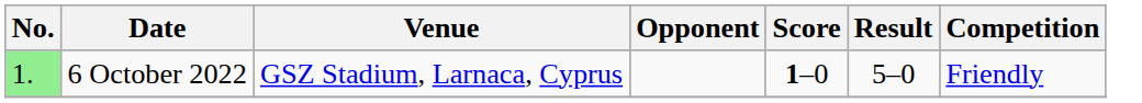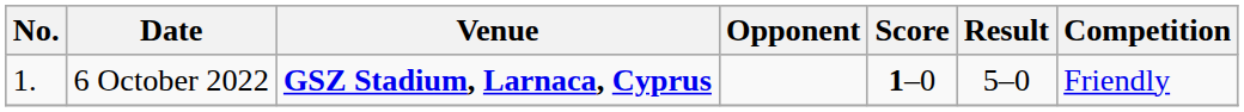 <table class="wikitable">
 <tr>
 <th>No.</th>
 <th>Date</th>
 <th>Venue</th>
 <th>Opponent</th>
 <th>Score</th>
 <th>Result</th>
 <th>Competition</th>
 </tr>
 <tr>
-<td style="background: lightgreen;">1.</td>
+<td>1.</td>
 <td>6 October 2022</td>
-<td><a href='#'>GSZ Stadium</a>, <a href='#'>Larnaca</a>, <a href='#'>Cyprus</a></td>
+<td><strong><a href='#'>GSZ Stadium</a>, <a href='#'>Larnaca</a>, <a href='#'>Cyprus</a></strong></td>
 <td></td>
 <td align=center><strong>1</strong>–0</td>
 <td align=center>5–0</td>
 <td><a href='#'>Friendly</a></td>
 </tr>
 <tr>
 </tr>
 </table>
